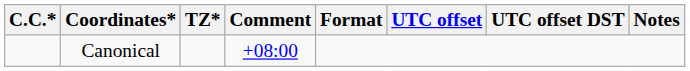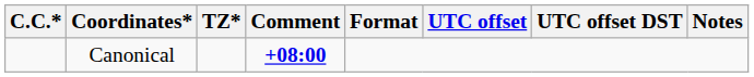 <table class=wikitable style=text-align:center>
 <tr>
 <th>C.C.*</th>
 <th>Coordinates*</th>
 <th>TZ*</th>
 <th>Comment</th>
 <th>Format</th>
 <th><a href='#'>UTC offset</a></th>
 <th>UTC offset DST</th>
 <th>Notes</th>
 </tr>
 <tr --->
 <td></td>
 <td>Canonical</td>
 <td></td>
-<td><a href='#'>+08:00</a></td>
+<td><strong><a href='#'>+08:00</a></strong></td>
 </tr>
 </table>
